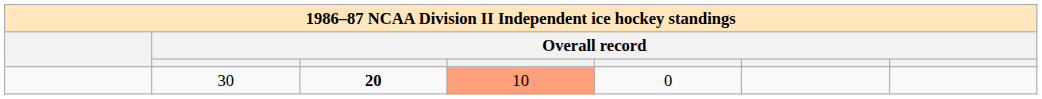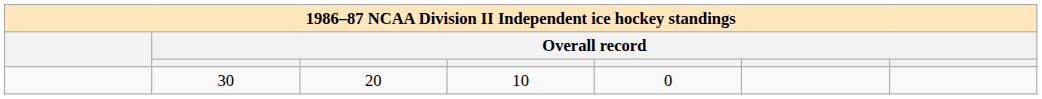 <table class=wikitable style="text-align:center; font-size:95%;" width=75%>
 <tr>
 <th colspan="7" style="background-color: #FFE6BD;"><strong>1986–87 NCAA Division II Independent ice hockey standings</strong></th>
 </tr>
 <tr>
 <th rowspan="2" width="5%"></th>
 <th colspan="6">Overall record</th>
 </tr>
 <tr>
 <th width="5%"></th>
 <th width="5%"></th>
 <th width="5%"></th>
 <th width="5%"></th>
 <th width="5%"></th>
 <th width="5%"></th>
 </tr>
 <tr style="text-align:center;">
 <td></td>
 <td>30</td>
-<td><strong>20</strong></td>
-<td style="background: lightsalmon;">10</td>
+<td>20</td>
+<td>10</td>
 <td>0</td>
 <td></td>
 <td></td>
 </tr>
 </table>
